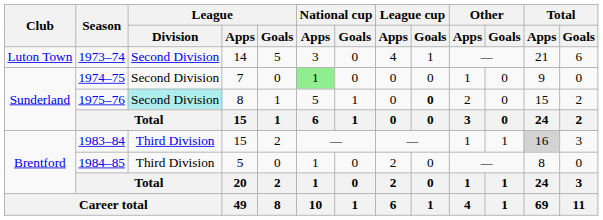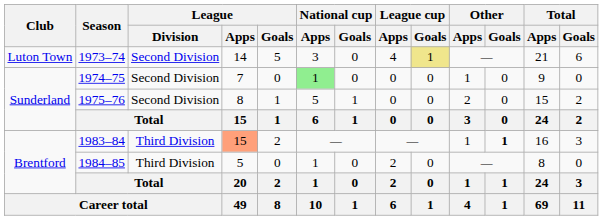 <table class="wikitable" style="text-align: center;">
 <tr>
 <th rowspan="2">Club</th>
 <th rowspan="2">Season</th>
 <th colspan="3">League</th>
 <th colspan="2">National cup</th>
 <th colspan="2">League cup</th>
 <th colspan="2">Other</th>
 <th colspan="2">Total</th>
 </tr>
 <tr>
 <th>Division</th>
 <th>Apps</th>
 <th>Goals</th>
 <th>Apps</th>
 <th>Goals</th>
 <th>Apps</th>
 <th>Goals</th>
 <th>Apps</th>
 <th>Goals</th>
 <th>Apps</th>
 <th>Goals</th>
 </tr>
 <tr>
 <td><a href='#'>Luton Town</a></td>
 <td><a href='#'>1973–74</a></td>
 <td><a href='#'>Second Division</a></td>
 <td>14</td>
 <td>5</td>
 <td>3</td>
 <td>0</td>
 <td>4</td>
-<td>1</td>
+<td style="background: khaki;">1</td>
 <td colspan="2"><em>—</em></td>
 <td>21</td>
 <td>6</td>
 </tr>
 <tr>
 <td rowspan="3"><a href='#'>Sunderland</a></td>
 <td><a href='#'>1974–75</a></td>
 <td>Second Division</td>
 <td>7</td>
 <td>0</td>
 <td style="background: lightgreen;">1</td>
 <td>0</td>
 <td>0</td>
 <td>0</td>
 <td>1</td>
 <td>0</td>
 <td>9</td>
 <td>0</td>
 </tr>
 <tr>
 <td><a href='#'>1975–76</a></td>
-<td style="background: paleturquoise;">Second Division</td>
+<td>Second Division</td>
 <td>8</td>
 <td>1</td>
 <td>5</td>
 <td>1</td>
 <td>0</td>
-<td><strong>0</strong></td>
+<td>0</td>
 <td>2</td>
 <td>0</td>
 <td>15</td>
 <td>2</td>
 </tr>
 <tr>
 <th colspan="2">Total</th>
 <th>15</th>
 <th>1</th>
 <th>6</th>
 <th>1</th>
 <th>0</th>
 <th>0</th>
 <th>3</th>
 <th>0</th>
 <th>24</th>
 <th>2</th>
 </tr>
 <tr>
 <td rowspan="3"><a href='#'>Brentford</a></td>
 <td><a href='#'>1983–84</a></td>
 <td><a href='#'>Third Division</a></td>
-<td>15</td>
+<td style="background: lightsalmon;">15</td>
 <td>2</td>
 <td colspan="2"><em>—</em></td>
 <td colspan="2"><em>—</em></td>
 <td>1</td>
-<td>1</td>
-<td style="background: lightgrey;">16</td>
+<td><strong>1</strong></td>
+<td>16</td>
 <td>3</td>
 </tr>
 <tr>
 <td><a href='#'>1984–85</a></td>
 <td>Third Division</td>
 <td>5</td>
 <td>0</td>
 <td>1</td>
 <td>0</td>
 <td>2</td>
 <td>0</td>
 <td colspan="2"><em>—</em></td>
 <td>8</td>
 <td>0</td>
 </tr>
 <tr>
 <th colspan="2">Total</th>
 <th>20</th>
 <th>2</th>
 <th>1</th>
 <th>0</th>
 <th>2</th>
 <th>0</th>
 <th>1</th>
 <th>1</th>
 <th>24</th>
 <th>3</th>
 </tr>
 <tr>
 <th colspan="3">Career total</th>
 <th>49</th>
 <th>8</th>
 <th>10</th>
 <th>1</th>
 <th>6</th>
 <th>1</th>
 <th>4</th>
 <th>1</th>
 <th>69</th>
 <th>11</th>
 </tr>
 </table>
